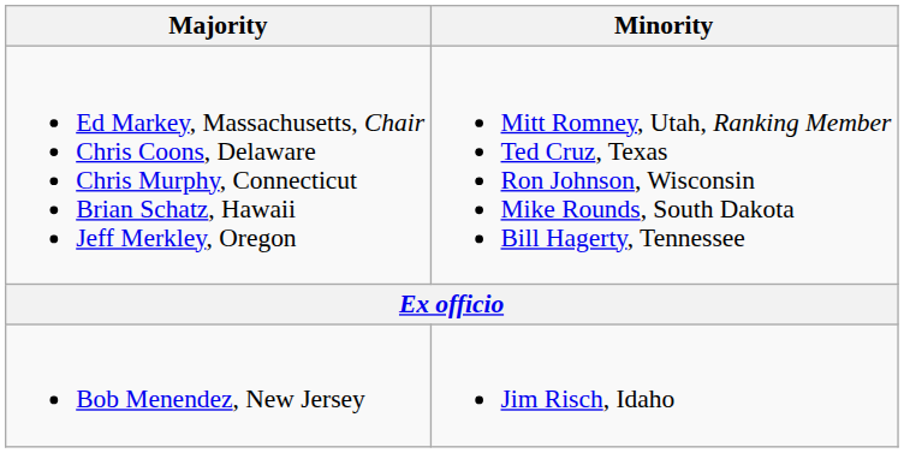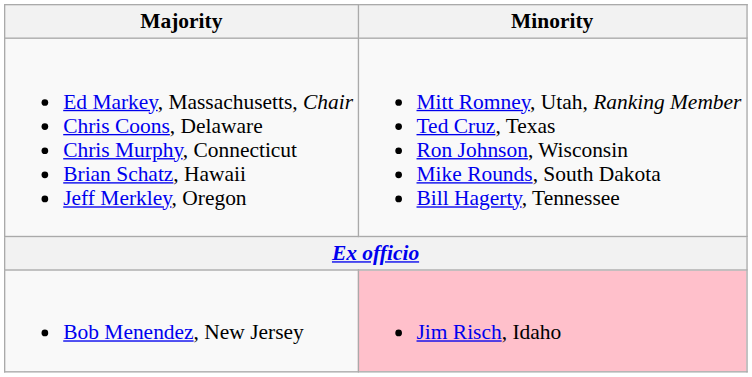 <table class=wikitable>
 <tr>
 <th>Majority</th>
 <th>Minority</th>
 </tr>
 <tr>
 <td><br><ul><li><a href='#'>Ed Markey</a>, Massachusetts, <em>Chair</em></li><li><a href='#'>Chris Coons</a>, Delaware</li><li><a href='#'>Chris Murphy</a>, Connecticut</li><li><a href='#'>Brian Schatz</a>, Hawaii</li><li><a href='#'>Jeff Merkley</a>, Oregon</li></ul></td>
 <td><br><ul><li><a href='#'>Mitt Romney</a>, Utah, <em>Ranking Member</em></li><li><a href='#'>Ted Cruz</a>, Texas</li><li><a href='#'>Ron Johnson</a>, Wisconsin</li><li><a href='#'>Mike Rounds</a>, South Dakota</li><li><a href='#'>Bill Hagerty</a>, Tennessee</li></ul></td>
 </tr>
 <tr>
 <th colspan=2><em><a href='#'>Ex officio</a></em></th>
 </tr>
 <tr>
 <td><br><ul><li><a href='#'>Bob Menendez</a>, New Jersey</li></ul></td>
-<td><br><ul><li><a href='#'>Jim Risch</a>, Idaho</li></ul></td>
+<td style="background: pink;"><br><ul><li><a href='#'>Jim Risch</a>, Idaho</li></ul></td>
 </tr>
 </table>
